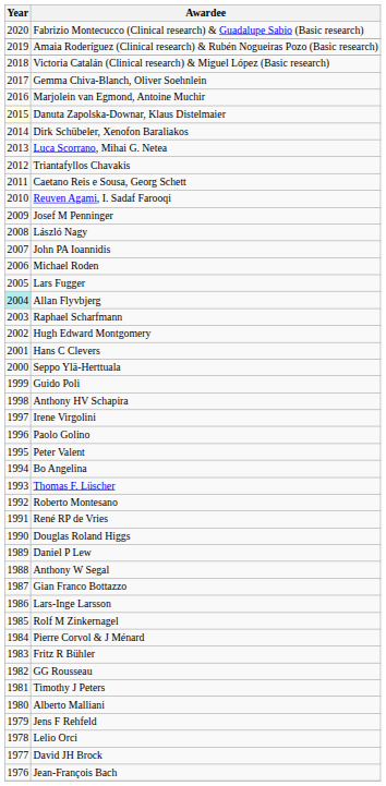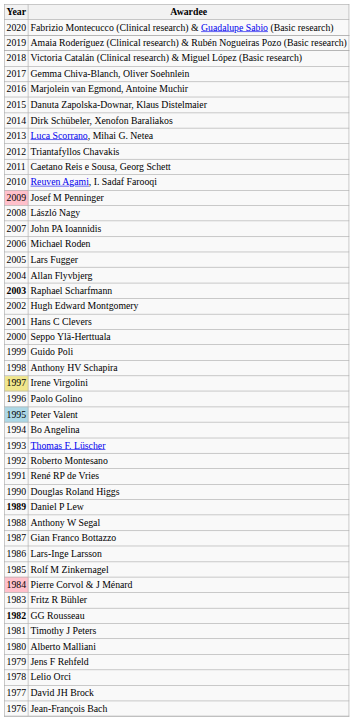 <table class="wikitable" border="1">
 <tr>
 <th>Year</th>
 <th>Awardee</th>
 </tr>
 <tr>
 <td>2020</td>
 <td>Fabrizio Montecucco (Clinical  research) & <a href='#'>Guadalupe Sabio</a> (Basic research)</td>
 </tr>
 <tr>
 </tr>
 <tr>
 <td>2019</td>
 <td>Amaia Roderíguez (Clinical  research) & Rubén Nogueiras Pozo (Basic research)</td>
 </tr>
 <tr>
 </tr>
 <tr>
 <td>2018</td>
 <td>Victoria Catalán (Clinical  research) & Miguel López (Basic research)</td>
 </tr>
 <tr>
 <td>2017</td>
 <td>Gemma Chiva-Blanch, Oliver Soehnlein</td>
 </tr>
 <tr>
 <td>2016</td>
 <td>Marjolein van Egmond, Antoine Muchir</td>
 </tr>
 <tr>
-<td style="background: lightyellow;">2015</td>
+<td>2015</td>
 <td>Danuta Zapolska-Downar, Klaus Distelmaier</td>
 </tr>
 <tr>
 <td>2014</td>
 <td>Dirk Schübeler, Xenofon Baraliakos</td>
 </tr>
 <tr>
 <td>2013</td>
 <td><a href='#'>Luca Scorrano</a>, Mihai G. Netea</td>
 </tr>
 <tr>
 <td>2012</td>
 <td>Triantafyllos Chavakis</td>
 </tr>
 <tr>
 <td>2011</td>
 <td>Caetano Reis e Sousa, Georg Schett</td>
 </tr>
 <tr>
 <td>2010</td>
 <td><a href='#'>Reuven Agami</a>, I. Sadaf Farooqi</td>
 </tr>
 <tr>
-<td>2009</td>
+<td style="background: pink;">2009</td>
 <td>Josef M Penninger</td>
 </tr>
 <tr>
 <td>2008</td>
 <td>László Nagy</td>
 </tr>
 <tr>
 <td>2007</td>
 <td>John PA Ioannidis</td>
 </tr>
 <tr>
 <td>2006</td>
 <td>Michael Roden</td>
 </tr>
 <tr>
 <td>2005</td>
 <td>Lars Fugger</td>
 </tr>
 <tr>
-<td style="background: paleturquoise;">2004</td>
+<td>2004</td>
 <td>Allan Flyvbjerg</td>
 </tr>
 <tr>
-<td>2003</td>
+<td><strong>2003</strong></td>
 <td>Raphael Scharfmann</td>
 </tr>
 <tr>
 <td>2002</td>
 <td>Hugh Edward Montgomery</td>
 </tr>
 <tr>
 <td>2001</td>
 <td>Hans C Clevers</td>
 </tr>
 <tr>
 <td>2000</td>
 <td>Seppo Ylä-Herttuala</td>
 </tr>
 <tr>
 <td>1999</td>
 <td>Guido Poli</td>
 </tr>
 <tr>
 <td>1998</td>
 <td>Anthony HV Schapira</td>
 </tr>
 <tr>
-<td>1997</td>
+<td style="background: khaki;">1997</td>
 <td>Irene Virgolini</td>
 </tr>
 <tr>
 <td>1996</td>
 <td>Paolo Golino</td>
 </tr>
 <tr>
-<td>1995</td>
+<td style="background: lightblue;">1995</td>
 <td>Peter Valent</td>
 </tr>
 <tr>
 <td>1994</td>
 <td>Bo Angelina</td>
 </tr>
 <tr>
 <td>1993</td>
 <td><a href='#'>Thomas F. Lüscher</a></td>
 </tr>
 <tr>
 <td>1992</td>
 <td>Roberto Montesano</td>
 </tr>
 <tr>
 <td>1991</td>
 <td>René RP de Vries</td>
 </tr>
 <tr>
 <td>1990</td>
 <td>Douglas Roland Higgs</td>
 </tr>
 <tr>
-<td>1989</td>
+<td><strong>1989</strong></td>
 <td>Daniel P Lew</td>
 </tr>
 <tr>
 <td>1988</td>
 <td>Anthony W Segal</td>
 </tr>
 <tr>
 <td>1987</td>
 <td>Gian Franco Bottazzo</td>
 </tr>
 <tr>
 <td>1986</td>
 <td>Lars-Inge Larsson</td>
 </tr>
 <tr>
 <td>1985</td>
 <td>Rolf M Zinkernagel</td>
 </tr>
 <tr>
-<td>1984</td>
+<td style="background: pink;">1984</td>
 <td>Pierre Corvol & J Ménard</td>
 </tr>
 <tr>
 <td>1983</td>
 <td>Fritz R Bühler</td>
 </tr>
 <tr>
-<td>1982</td>
+<td><strong>1982</strong></td>
 <td>GG Rousseau</td>
 </tr>
 <tr>
 <td>1981</td>
 <td>Timothy J Peters</td>
 </tr>
 <tr>
 <td>1980</td>
 <td>Alberto Malliani</td>
 </tr>
 <tr>
 <td>1979</td>
 <td>Jens F Rehfeld</td>
 </tr>
 <tr>
 <td>1978</td>
 <td>Lelio Orci</td>
 </tr>
 <tr>
 <td>1977</td>
 <td>David JH Brock</td>
 </tr>
 <tr>
 <td>1976</td>
 <td>Jean-François Bach</td>
 </tr>
 <tr>
 </tr>
 </table>
